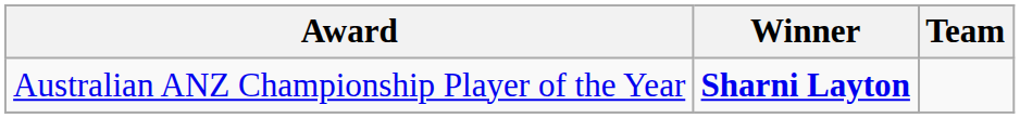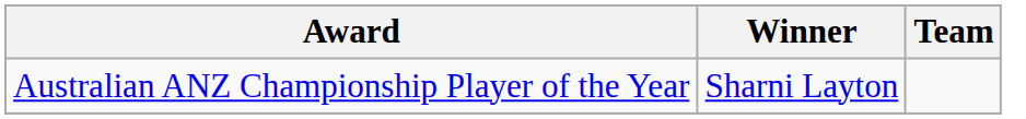 <table class="wikitable collapsible">
 <tr>
 <th>Award</th>
 <th>Winner</th>
 <th>Team</th>
 </tr>
 <tr>
 <td><a href='#'>Australian ANZ Championship Player of the Year</a></td>
-<td><strong><a href='#'>Sharni Layton</a></strong></td>
+<td><a href='#'>Sharni Layton</a></td>
 </tr>
 <tr>
 </tr>
 </table>
